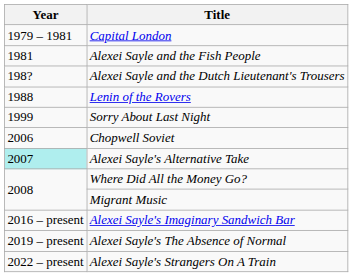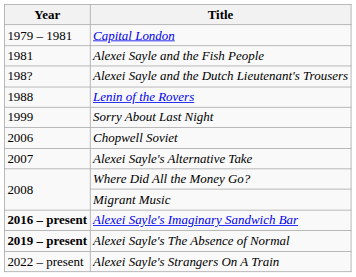 <table class="wikitable sortable">
 <tr>
 <th>Year</th>
 <th>Title</th>
 </tr>
 <tr>
 <td>1979 – 1981</td>
 <td><em><a href='#'>Capital London</a></em></td>
 </tr>
 <tr>
 <td>1981</td>
 <td><em>Alexei Sayle and the Fish People</em></td>
 </tr>
 <tr>
 <td>198?</td>
 <td><em>Alexei Sayle and the Dutch Lieutenant's Trousers</em></td>
 </tr>
 <tr>
 <td>1988</td>
 <td><em><a href='#'>Lenin of the Rovers</a></em></td>
 </tr>
 <tr>
 <td>1999</td>
 <td><em>Sorry About Last Night</em></td>
 </tr>
 <tr>
 <td>2006</td>
 <td><em>Chopwell Soviet</em></td>
 </tr>
 <tr>
-<td style="background: paleturquoise;">2007</td>
+<td>2007</td>
 <td><em>Alexei Sayle's Alternative Take</em></td>
 </tr>
 <tr>
 <td rowspan="2">2008</td>
 <td><em>Where Did All the Money Go?</em></td>
 </tr>
 <tr>
 <td><em>Migrant Music</em></td>
 </tr>
 <tr>
-<td>2016 – present</td>
+<td><strong>2016 – present</strong></td>
 <td><em><a href='#'>Alexei Sayle's Imaginary Sandwich Bar</a></em></td>
 </tr>
 <tr>
-<td>2019 – present</td>
+<td><strong>2019 – present</strong></td>
 <td><em>Alexei Sayle's The Absence of Normal</em></td>
 </tr>
 <tr>
 <td>2022 – present</td>
 <td><em>Alexei Sayle's Strangers On A Train</em></td>
 </tr>
 </table>
